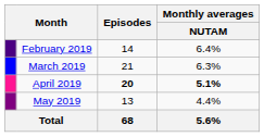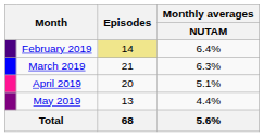 <table class="wikitable plainrowheaders" style="text-align: center; line-height:25px;">
 <tr class="wikitable" style="text-align: center;">
 <th colspan="2" rowspan="2" style="padding: 0 8px;">Month</th>
 <th rowspan="2" style="padding: 0 8px;">Episodes</th>
 <th colspan="2" style="padding: 0 8px;">Monthly averages</th>
 </tr>
 <tr>
 <th style="padding: 0 8px;">NUTAM</th>
 </tr>
 <tr>
 <td style="padding: 0 8px; background:#4B0082;"></td>
 <td style="padding: 0 8px;" '><a href='#'>February 2019</a></td>
-<td style="padding: 0 8px;">14</td>
+<td style="background: khaki; padding: 0 8px;">14</td>
 <td style="padding: 0 8px;">6.4%</td>
 </tr>
 <tr>
 <td style="padding: 0 8px; background:#0000FF;"></td>
 <td style="padding: 0 8px;" '><a href='#'>March 2019</a></td>
 <td style="padding: 0 8px;">21</td>
 <td style="padding: 0 8px;">6.3%</td>
 </tr>
 <tr>
 <td style="padding: 0 8px; background:#FF1493;"></td>
 <td style="padding: 0 8px;" '><a href='#'>April 2019</a></td>
-<td style="padding: 0 8px;"><strong>20</strong></td>
-<td style="padding: 0 8px;"><strong>5.1%</strong></td>
+<td style="padding: 0 8px;">20</td>
+<td style="padding: 0 8px;">5.1%</td>
 </tr>
 <tr>
 <td style="padding: 0 8px; background:#800080;"></td>
 <td style="padding: 0 8px;" '><a href='#'>May 2019</a></td>
 <td style="padding: 0 8px;">13</td>
 <td style="padding: 0 8px;">4.4%</td>
 </tr>
 <tr>
 <th colspan="2">Total</th>
 <th colspan="1">68</th>
 <th colspan="2">5.6%</th>
 </tr>
 </table>
